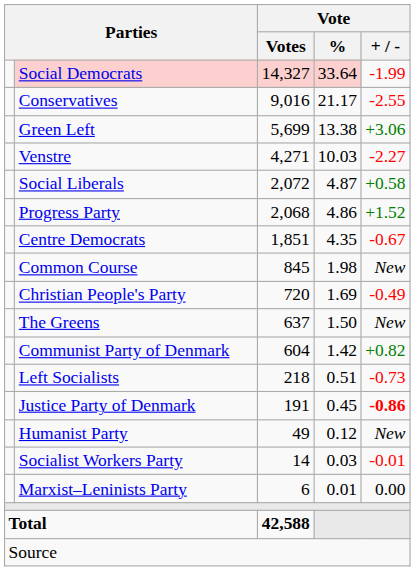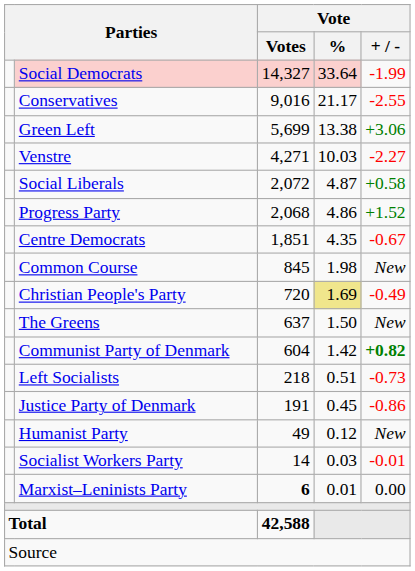 <table class="wikitable" style="text-align:right;">
 <tr>
 <th style="text-align:centre;" rowspan="2" colspan="2" width="225">Parties</th>
 <th colspan="3">Vote</th>
 </tr>
 <tr>
 <th width="15">Votes</th>
 <th width="15">%</th>
 <th width="15">+ / -</th>
 </tr>
 <tr>
 <td width="2" style="color:inherit;background:"></td>
 <td bgcolor=#fbd0ce  align="left"><a href='#'>Social Democrats</a></td>
 <td bgcolor=#fbd0ce>14,327</td>
 <td bgcolor=#fbd0ce>33.64</td>
 <td style=color:red;>-1.99</td>
 </tr>
 <tr>
 <td width="2" style="color:inherit;background:"></td>
 <td align="left"><a href='#'>Conservatives</a></td>
 <td>9,016</td>
 <td>21.17</td>
 <td style=color:red;>-2.55</td>
 </tr>
 <tr>
 <td width="2" style="color:inherit;background:"></td>
 <td align="left"><a href='#'>Green Left</a></td>
 <td>5,699</td>
 <td>13.38</td>
 <td style=color:green;>+3.06</td>
 </tr>
 <tr>
 <td width="2" style="color:inherit;background:"></td>
 <td align="left"><a href='#'>Venstre</a></td>
 <td>4,271</td>
 <td>10.03</td>
 <td style=color:red;>-2.27</td>
 </tr>
 <tr>
 <td width="2" style="color:inherit;background:"></td>
 <td align="left"><a href='#'>Social Liberals</a></td>
 <td>2,072</td>
 <td>4.87</td>
 <td style=color:green;>+0.58</td>
 </tr>
 <tr>
 <td width="2" style="color:inherit;background:"></td>
 <td align="left"><a href='#'>Progress Party</a></td>
 <td>2,068</td>
 <td>4.86</td>
 <td style=color:green;>+1.52</td>
 </tr>
 <tr>
 <td width="2" style="color:inherit;background:"></td>
 <td align="left"><a href='#'>Centre Democrats</a></td>
 <td>1,851</td>
 <td>4.35</td>
 <td style=color:red;>-0.67</td>
 </tr>
 <tr>
 <td width="2" style="color:inherit;background:"></td>
 <td align="left"><a href='#'>Common Course</a></td>
 <td>845</td>
 <td>1.98</td>
 <td><em>New</em></td>
 </tr>
 <tr>
 <td width="2" style="color:inherit;background:"></td>
 <td align="left"><a href='#'>Christian People's Party</a></td>
 <td>720</td>
-<td>1.69</td>
+<td style="background: khaki;">1.69</td>
 <td style=color:red;>-0.49</td>
 </tr>
 <tr>
 <td width="2" style="color:inherit;background:"></td>
 <td align="left"><a href='#'>The Greens</a></td>
 <td>637</td>
 <td>1.50</td>
 <td><em>New</em></td>
 </tr>
 <tr>
 <td width="2" style="color:inherit;background:"></td>
 <td align="left"><a href='#'>Communist Party of Denmark</a></td>
 <td>604</td>
 <td>1.42</td>
-<td style=color:green;>+0.82</td>
+<td style=color:green;><strong>+0.82</strong></td>
 </tr>
 <tr>
 <td width="2" style="color:inherit;background:"></td>
 <td align="left"><a href='#'>Left Socialists</a></td>
 <td>218</td>
 <td>0.51</td>
 <td style=color:red;>-0.73</td>
 </tr>
 <tr>
 <td width="2" style="color:inherit;background:"></td>
 <td align="left"><a href='#'>Justice Party of Denmark</a></td>
 <td>191</td>
 <td>0.45</td>
-<td style=color:red;><strong>-0.86</strong></td>
+<td style=color:red;>-0.86</td>
 </tr>
 <tr>
 <td width="2" style="color:inherit;background:"></td>
 <td align="left"><a href='#'>Humanist Party</a></td>
 <td>49</td>
 <td>0.12</td>
 <td><em>New</em></td>
 </tr>
 <tr>
 <td width="2" style="color:inherit;background:"></td>
 <td align="left"><a href='#'>Socialist Workers Party</a></td>
 <td>14</td>
 <td>0.03</td>
 <td style=color:red;>-0.01</td>
 </tr>
 <tr>
 <td width="2" style="color:inherit;background:"></td>
 <td align="left"><a href='#'>Marxist–Leninists Party</a></td>
-<td>6</td>
+<td><strong>6</strong></td>
 <td>0.01</td>
 <td>0.00</td>
 </tr>
 <tr>
 <td colspan="7" bgcolor="#E9E9E9"></td>
 </tr>
 <tr>
 <td align="left" colspan="2"><strong>Total</strong></td>
 <td><strong>42,588</strong></td>
 <td bgcolor="#E9E9E9" colspan="2"></td>
 </tr>
 <tr>
 <td align="left" colspan="6">Source</td>
 </tr>
 </table>
